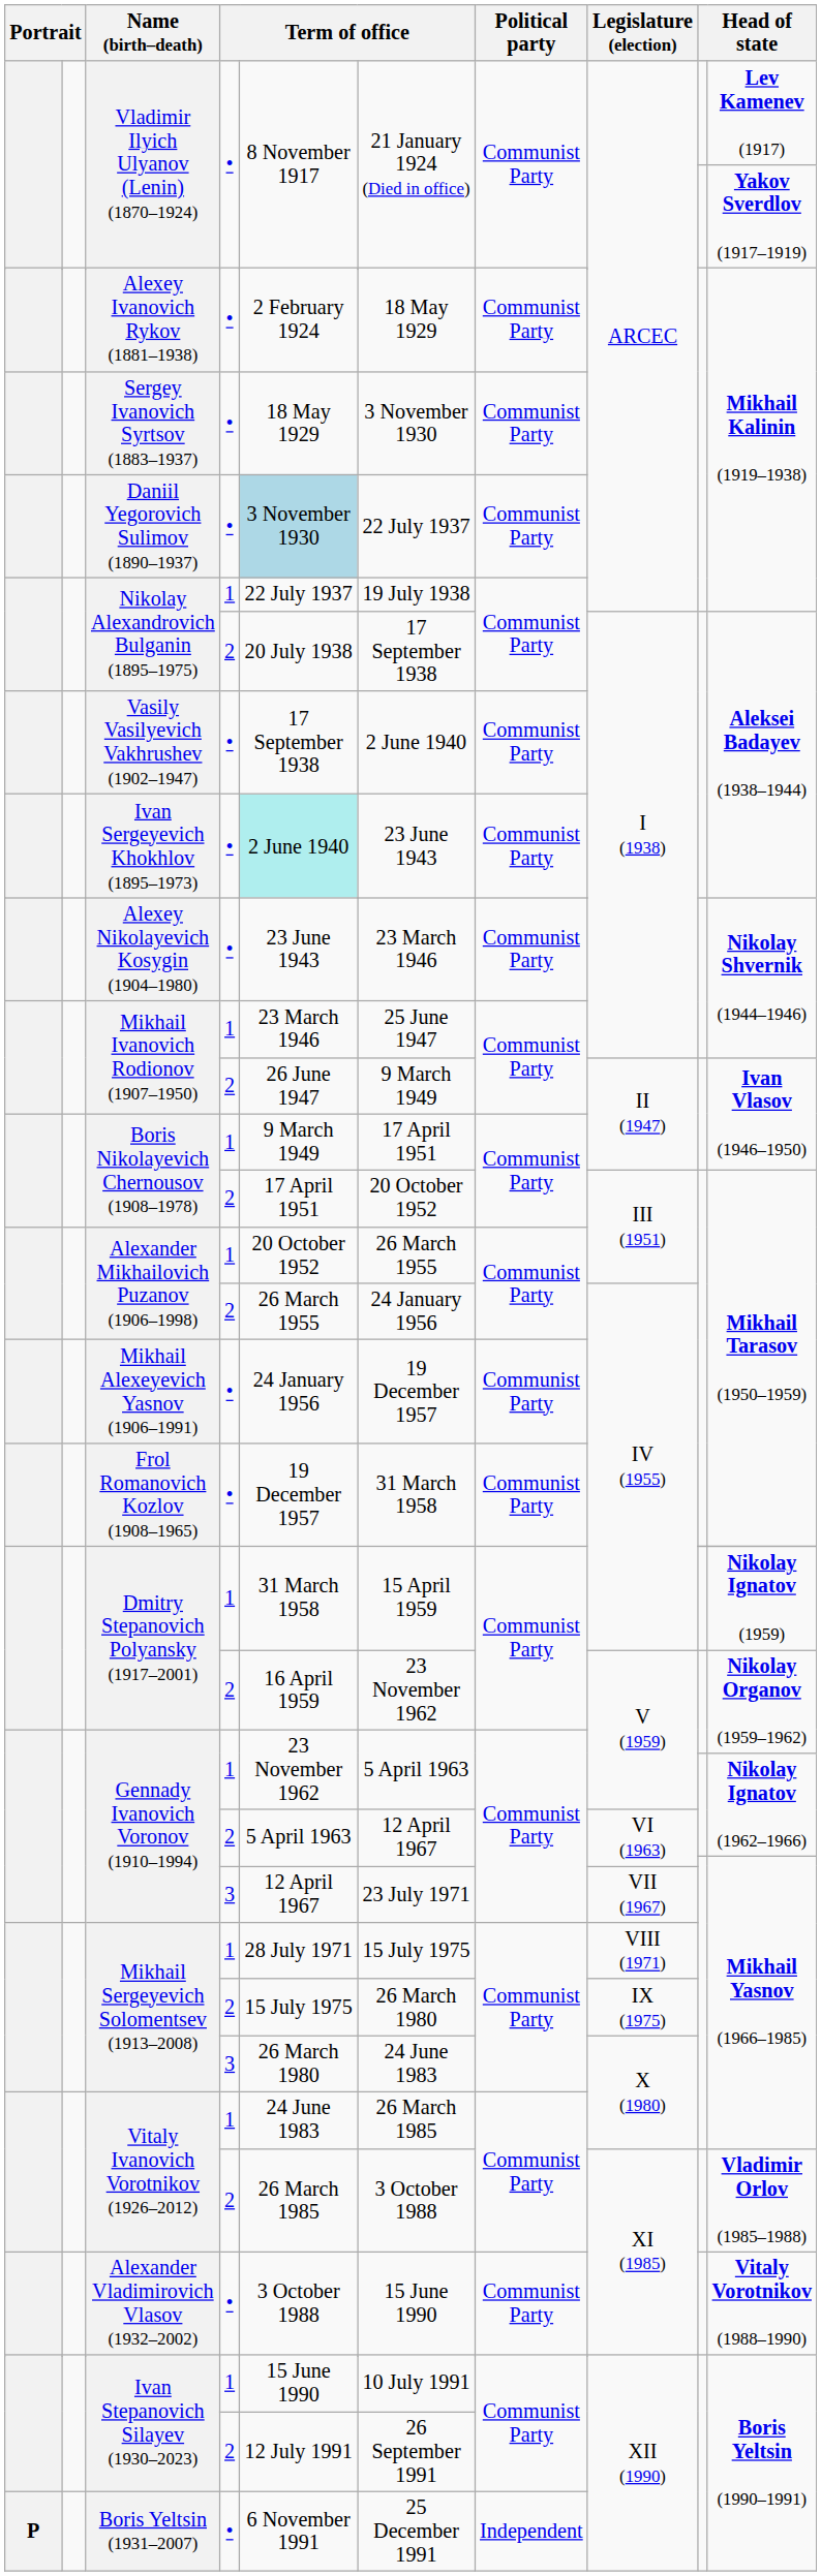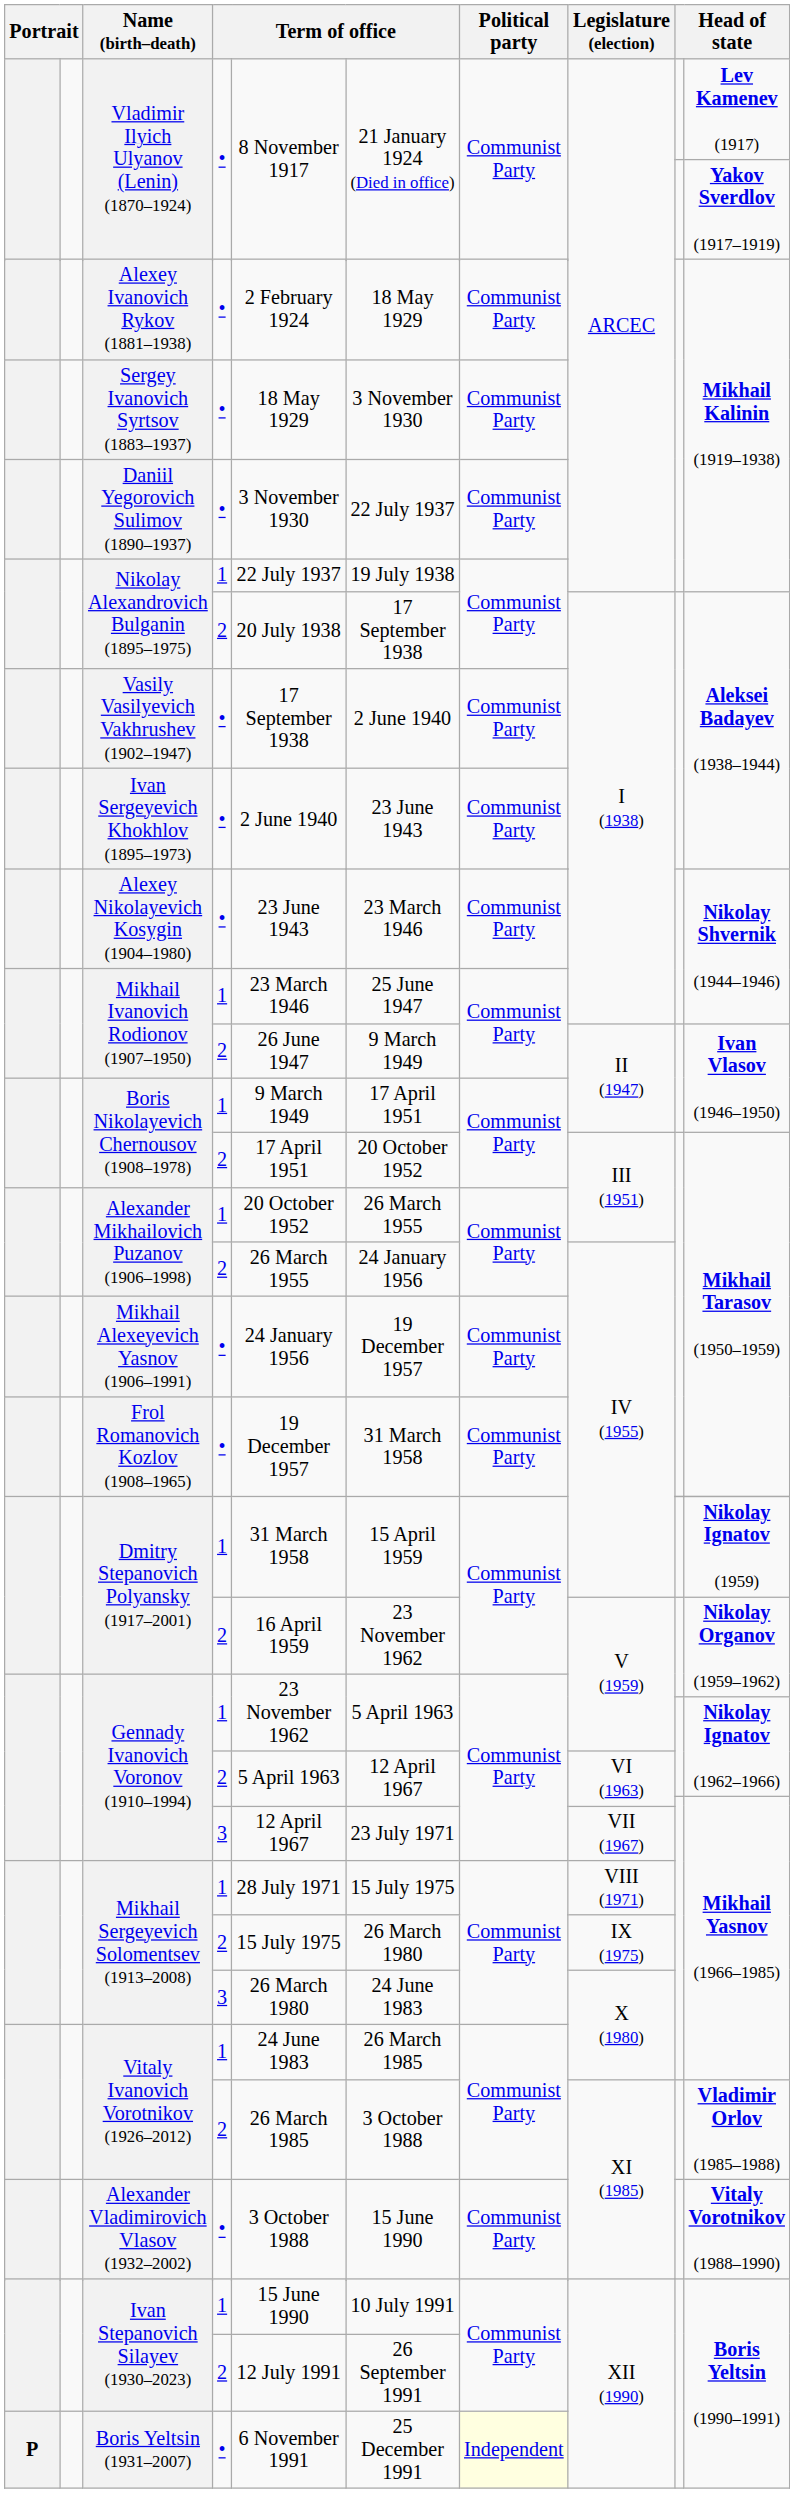 <table class="wikitable" style="margin:1em auto; text-align:center;">
 <tr>
 <th colspan=2>Portrait</th>
 <th>Name<br><small>(birth–death)</small></th>
 <th colspan=3>Term of office</th>
 <th>Political party</th>
 <th>Legislature<br><small>(election)</small></th>
 <th colspan=2>Head of state</th>
 </tr>
 <tr>
 <th rowspan=3 align=center style="background:"></th>
 <td rowspan=3></td>
 <th rowspan=3 scope="row" style="font-weight:normal;"><a href='#'>Vladimir Ilyich Ulyanov (Lenin)</a><br><small>(1870–1924)</small></th>
 <td rowspan=3><a href='#'>•</a></td>
 <td rowspan=3>8 November 1917</td>
 <td rowspan=3>21 January 1924<br><small>(<a href='#'>Died in office</a>)</small></td>
 <td rowspan=3><a href='#'>Communist Party</a></td>
 <td rowspan=7><a href='#'>ARCEC</a></td>
 <td align=center style="background:"></td>
 <td><strong><a href='#'>Lev Kamenev</a></strong><br><br><small>(1917)</small></td>
 </tr>
 <tr>
 <td align=center style="background:"></td>
 <td><strong><a href='#'>Yakov Sverdlov</a></strong><br><br><small>(1917–1919)</small></td>
 </tr>
 <tr>
 <td rowspan=5 align=center style="background: "></td>
 <td rowspan=5><strong><a href='#'>Mikhail Kalinin</a></strong><br><br><small>(1919–1938)</small></td>
 </tr>
 <tr>
 <th align=center style="background: "></th>
 <td></td>
 <th scope="row" style="font-weight:normal;"><a href='#'>Alexey Ivanovich Rykov</a><br><small>(1881–1938)</small></th>
 <td><a href='#'>•</a></td>
 <td>2 February 1924</td>
 <td>18 May 1929</td>
 <td><a href='#'>Communist Party</a></td>
 </tr>
 <tr>
 <th align=center style="background: "></th>
 <td></td>
 <th scope="row" style="font-weight:normal;"><a href='#'>Sergey Ivanovich Syrtsov</a><br><small>(1883–1937)</small></th>
 <td><a href='#'>•</a></td>
 <td>18 May 1929</td>
 <td>3 November 1930</td>
 <td><a href='#'>Communist Party</a></td>
 </tr>
 <tr>
 <th align=center style="background: "></th>
 <td></td>
 <th scope="row" style="font-weight:normal;"><a href='#'>Daniil Yegorovich Sulimov</a><br><small>(1890–1937)</small></th>
 <td><a href='#'>•</a></td>
-<td width="140" style="background: lightblue;">3 November 1930</td>
+<td width="140">3 November 1930</td>
 <td width="140">22 July 1937</td>
 <td><a href='#'>Communist Party</a></td>
 </tr>
 <tr>
 <th rowspan=2 align=center style="background: "></th>
 <td rowspan=2></td>
 <th rowspan=2 scope="row" style="font-weight:normal;"><a href='#'>Nikolay Alexandrovich Bulganin</a><br><small>(1895–1975)</small></th>
 <td><a href='#'>1</a></td>
 <td>22 July 1937</td>
 <td>19 July 1938</td>
 <td rowspan=2><a href='#'>Communist Party</a></td>
 </tr>
 <tr>
 <td><a href='#'>2</a></td>
 <td>20 July 1938</td>
 <td>17 September 1938</td>
 <td rowspan=6>I<br><small>(<a href='#'>1938</a>)</small></td>
 <td rowspan=4 align=center style="background: "></td>
 <td rowspan=4><strong><a href='#'>Aleksei Badayev</a></strong><br><br><small>(1938–1944)</small></td>
 </tr>
 <tr>
 <th align=center style="background: "></th>
 <td></td>
 <th scope="row" style="font-weight:normal;"><a href='#'>Vasily Vasilyevich Vakhrushev</a><br><small>(1902–1947)</small></th>
 <td><a href='#'>•</a></td>
 <td>17 September 1938</td>
 <td>2 June 1940</td>
 <td><a href='#'>Communist Party</a></td>
 </tr>
 <tr>
 <th align=center style="background: "></th>
 <td></td>
 <th scope="row" style="font-weight:normal;"><a href='#'>Ivan Sergeyevich Khokhlov</a><br><small>(1895–1973)</small></th>
 <td><a href='#'>•</a></td>
-<td style="background: paleturquoise;">2 June 1940</td>
+<td>2 June 1940</td>
 <td>23 June 1943</td>
 <td><a href='#'>Communist Party</a></td>
 </tr>
 <tr>
 <th rowspan=2 align=center style="background: "></th>
 <td rowspan=2></td>
 <th rowspan=2 scope="row" style="font-weight:normal;"><a href='#'>Alexey Nikolayevich Kosygin</a><br><small>(1904–1980)</small></th>
 <td rowspan=2><a href='#'>•</a></td>
 <td rowspan=2>23 June 1943</td>
 <td rowspan=2>23 March 1946</td>
 <td rowspan=2><a href='#'>Communist Party</a></td>
 </tr>
 <tr>
 <td rowspan=2 align=center style="background: "></td>
 <td rowspan=2><strong><a href='#'>Nikolay Shvernik</a></strong><br><br><small>(1944–1946)</small></td>
 </tr>
 <tr>
 <th rowspan=2 align=center style="background: "></th>
 <td rowspan=2></td>
 <th rowspan=2 scope="row" style="font-weight:normal;"><a href='#'>Mikhail Ivanovich Rodionov</a><br><small>(1907–1950)</small></th>
 <td><a href='#'>1</a></td>
 <td>23 March 1946</td>
 <td>25 June 1947</td>
 <td rowspan=2><a href='#'>Communist Party</a></td>
 </tr>
 <tr>
 <td><a href='#'>2</a></td>
 <td>26 June 1947</td>
 <td>9 March 1949</td>
 <td rowspan=2>II<br><small>(<a href='#'>1947</a>)</small></td>
 <td rowspan=2 align=center style="background: "></td>
 <td rowspan=2><strong><a href='#'>Ivan Vlasov</a></strong><br><br><small>(1946–1950)</small></td>
 </tr>
 <tr>
 <th rowspan=2 align=center style="background: "></th>
 <td rowspan=2></td>
 <th rowspan=2 scope="row" style="font-weight:normal;"><a href='#'>Boris Nikolayevich Chernousov</a><br><small>(1908–1978)</small></th>
 <td><a href='#'>1</a></td>
 <td>9 March 1949</td>
 <td>17 April 1951</td>
 <td rowspan=2><a href='#'>Communist Party</a></td>
 </tr>
 <tr>
 <td><a href='#'>2</a></td>
 <td>17 April 1951</td>
 <td>20 October 1952</td>
 <td rowspan=2>III<br><small>(<a href='#'>1951</a>)</small></td>
 <td rowspan=5 align=center style="background: "></td>
 <td rowspan=5><strong><a href='#'>Mikhail Tarasov</a></strong><br><br><small>(1950–1959)</small></td>
 </tr>
 <tr>
 <th rowspan=2 align=center style="background: "></th>
 <td rowspan=2></td>
 <th rowspan=2  scope="row" style="font-weight:normal;"><a href='#'>Alexander Mikhailovich Puzanov</a><br><small>(1906–1998)</small></th>
 <td><a href='#'>1</a></td>
 <td>20 October 1952</td>
 <td>26 March 1955</td>
 <td rowspan=2><a href='#'>Communist Party</a></td>
 </tr>
 <tr>
 <td><a href='#'>2</a></td>
 <td>26 March 1955</td>
 <td>24 January 1956</td>
 <td rowspan=5>IV<br><small>(<a href='#'>1955</a>)</small></td>
 </tr>
 <tr>
 <th align=center style="background: "></th>
 <td></td>
 <th scope="row" style="font-weight:normal;"><a href='#'>Mikhail Alexeyevich Yasnov</a><br><small>(1906–1991)</small></th>
 <td><a href='#'>•</a></td>
 <td>24 January 1956</td>
 <td>19 December 1957</td>
 <td><a href='#'>Communist Party</a></td>
 </tr>
 <tr>
 <th align=center style="background: "></th>
 <td></td>
 <th scope="row" style="font-weight:normal;"><a href='#'>Frol Romanovich Kozlov</a><br><small>(1908–1965)</small></th>
 <td><a href='#'>•</a></td>
 <td>19 December 1957</td>
 <td>31 March 1958</td>
 <td><a href='#'>Communist Party</a></td>
 </tr>
 <tr>
 <th rowspan=3 align=center style="background: "></th>
 <td rowspan=3></td>
 <th rowspan=3 scope="row" style="font-weight:normal;"><a href='#'>Dmitry Stepanovich Polyansky</a><br><small>(1917–2001)</small></th>
 <td rowspan=2><a href='#'>1</a></td>
 <td rowspan=2>31 March 1958</td>
 <td rowspan=2>15 April 1959</td>
 <td rowspan=3><a href='#'>Communist Party</a></td>
 </tr>
 <tr>
 <td align=center style="background: "></td>
 <td><strong><a href='#'>Nikolay Ignatov</a></strong><br><br><small>(1959)</small></td>
 </tr>
 <tr>
 <td><a href='#'>2</a></td>
 <td>16 April 1959</td>
 <td>23 November 1962</td>
 <td rowspan=3>V<br><small>(<a href='#'>1959</a>)</small></td>
 <td rowspan=2 align=center style="background: "></td>
 <td rowspan=2><strong><a href='#'>Nikolay Organov</a></strong><br><br><small>(1959–1962)</small></td>
 </tr>
 <tr>
 <th rowspan=5 align=center style="background: "></th>
 <td rowspan=5></td>
 <th rowspan=5 scope="row" style="font-weight:normal;"><a href='#'>Gennady Ivanovich Voronov</a><br><small>(1910–1994)</small></th>
 <td rowspan=2><a href='#'>1</a></td>
 <td rowspan=2>23 November 1962</td>
 <td rowspan=2>5 April 1963</td>
 <td rowspan=5><a href='#'>Communist Party</a></td>
 </tr>
 <tr>
 <td rowspan=2 align=center style="background: "></td>
 <td rowspan=2><strong><a href='#'>Nikolay Ignatov</a></strong><br><br><small>(1962–1966)</small></td>
 </tr>
 <tr>
 <td rowspan=2><a href='#'>2</a></td>
 <td rowspan=2>5 April 1963</td>
 <td rowspan=2>12 April 1967</td>
 <td rowspan=2>VI<br><small>(<a href='#'>1963</a>)</small></td>
 </tr>
 <tr>
 <td rowspan=6 align=center style="background: "></td>
 <td rowspan=6><strong><a href='#'>Mikhail Yasnov</a></strong><br><br><small>(1966–1985)</small></td>
 </tr>
 <tr>
 <td><a href='#'>3</a></td>
 <td>12 April 1967</td>
 <td>23 July 1971</td>
 <td>VII<br><small>(<a href='#'>1967</a>)</small></td>
 </tr>
 <tr>
 <th rowspan=3 align=center style="background: "></th>
 <td rowspan=3></td>
 <th rowspan=3 scope="row" style="font-weight:normal;"><a href='#'>Mikhail Sergeyevich Solomentsev</a><br><small>(1913–2008)</small></th>
 <td><a href='#'>1</a></td>
 <td>28 July 1971</td>
 <td>15 July 1975</td>
 <td rowspan=3><a href='#'>Communist Party</a></td>
 <td>VIII<br><small>(<a href='#'>1971</a>)</small></td>
 </tr>
 <tr>
 <td><a href='#'>2</a></td>
 <td>15 July 1975</td>
 <td>26 March 1980</td>
 <td>IX<br><small>(<a href='#'>1975</a>)</small></td>
 </tr>
 <tr>
 <td><a href='#'>3</a></td>
 <td>26 March 1980</td>
 <td>24 June 1983</td>
 <td rowspan=2>X<br><small>(<a href='#'>1980</a>)</small></td>
 </tr>
 <tr>
 <th rowspan=2 align=center style="background: "></th>
 <td rowspan=2></td>
 <th rowspan=2 scope="row" style="font-weight:normal;"><a href='#'>Vitaly Ivanovich Vorotnikov</a><br><small>(1926–2012)</small></th>
 <td><a href='#'>1</a></td>
 <td>24 June 1983</td>
 <td>26 March 1985</td>
 <td rowspan=2><a href='#'>Communist Party</a></td>
 </tr>
 <tr>
 <td><a href='#'>2</a></td>
 <td>26 March 1985</td>
 <td>3 October 1988</td>
 <td rowspan=3>XI<br><small>(<a href='#'>1985</a>)</small></td>
 <td align=center style="background: "></td>
 <td><strong><a href='#'>Vladimir Orlov</a></strong><br><br><small>(1985–1988)</small></td>
 </tr>
 <tr>
 <th rowspan=2 align=center style="background: "></th>
 <td rowspan=2></td>
 <th rowspan=2 scope="row" style="font-weight:normal;"><a href='#'>Alexander Vladimirovich Vlasov</a><br><small>(1932–2002)</small></th>
 <td rowspan=2><a href='#'>•</a></td>
 <td rowspan=2>3 October 1988</td>
 <td rowspan=2>15 June 1990</td>
 <td rowspan=2><a href='#'>Communist Party</a></td>
 <td align=center style="background: "></td>
 <td><strong><a href='#'>Vitaly Vorotnikov</a></strong><br><br><small>(1988–1990)</small></td>
 </tr>
 <tr>
 <td rowspan=4 align=center style="background: "></td>
 <td rowspan=4><strong><a href='#'>Boris Yeltsin</a></strong><br><br><small>(1990–1991)</small></td>
 </tr>
 <tr>
 <th rowspan=2 align=center style="background: "></th>
 <td rowspan=2></td>
 <th rowspan=2 scope="row" style="font-weight:normal"><a href='#'>Ivan Stepanovich Silayev</a><br><small>(1930–2023)</small></th>
 <td><a href='#'>1</a></td>
 <td>15 June 1990</td>
 <td>10 July 1991</td>
 <td rowspan=2><a href='#'>Communist Party</a></td>
 <td rowspan=3>XII<br><small>(<a href='#'>1990</a>)</small></td>
 </tr>
 <tr>
 <td><a href='#'>2</a></td>
 <td>12 July 1991</td>
 <td>26 September 1991</td>
 </tr>
 <tr>
 <th align=center style="background: ">P<br></th>
 <td></td>
 <th scope="row" style="font-weight:normal;"><a href='#'>Boris Yeltsin</a><br><small>(1931–2007)</small></th>
 <td><a href='#'>•</a></td>
 <td>6 November 1991</td>
 <td>25 December 1991</td>
-<td><a href='#'>Independent</a></td>
+<td style="background: lightyellow;"><a href='#'>Independent</a></td>
 </tr>
 </table>
